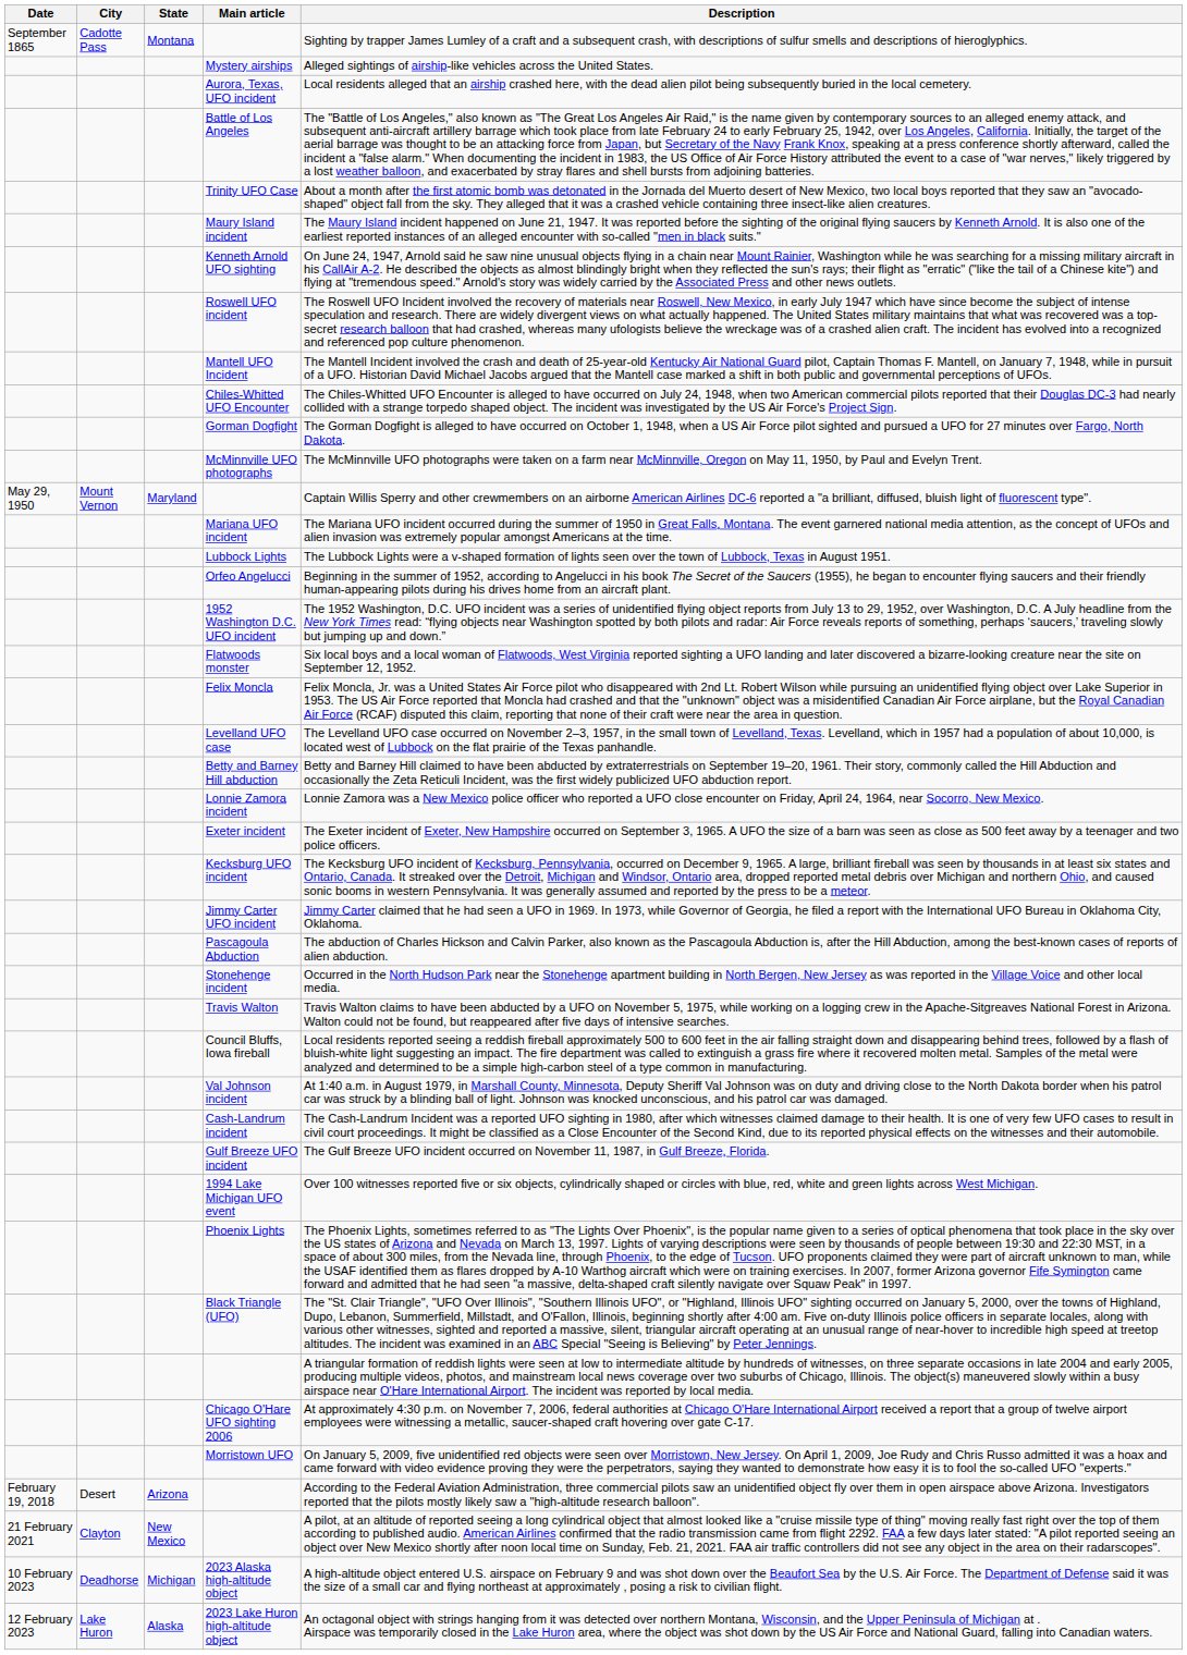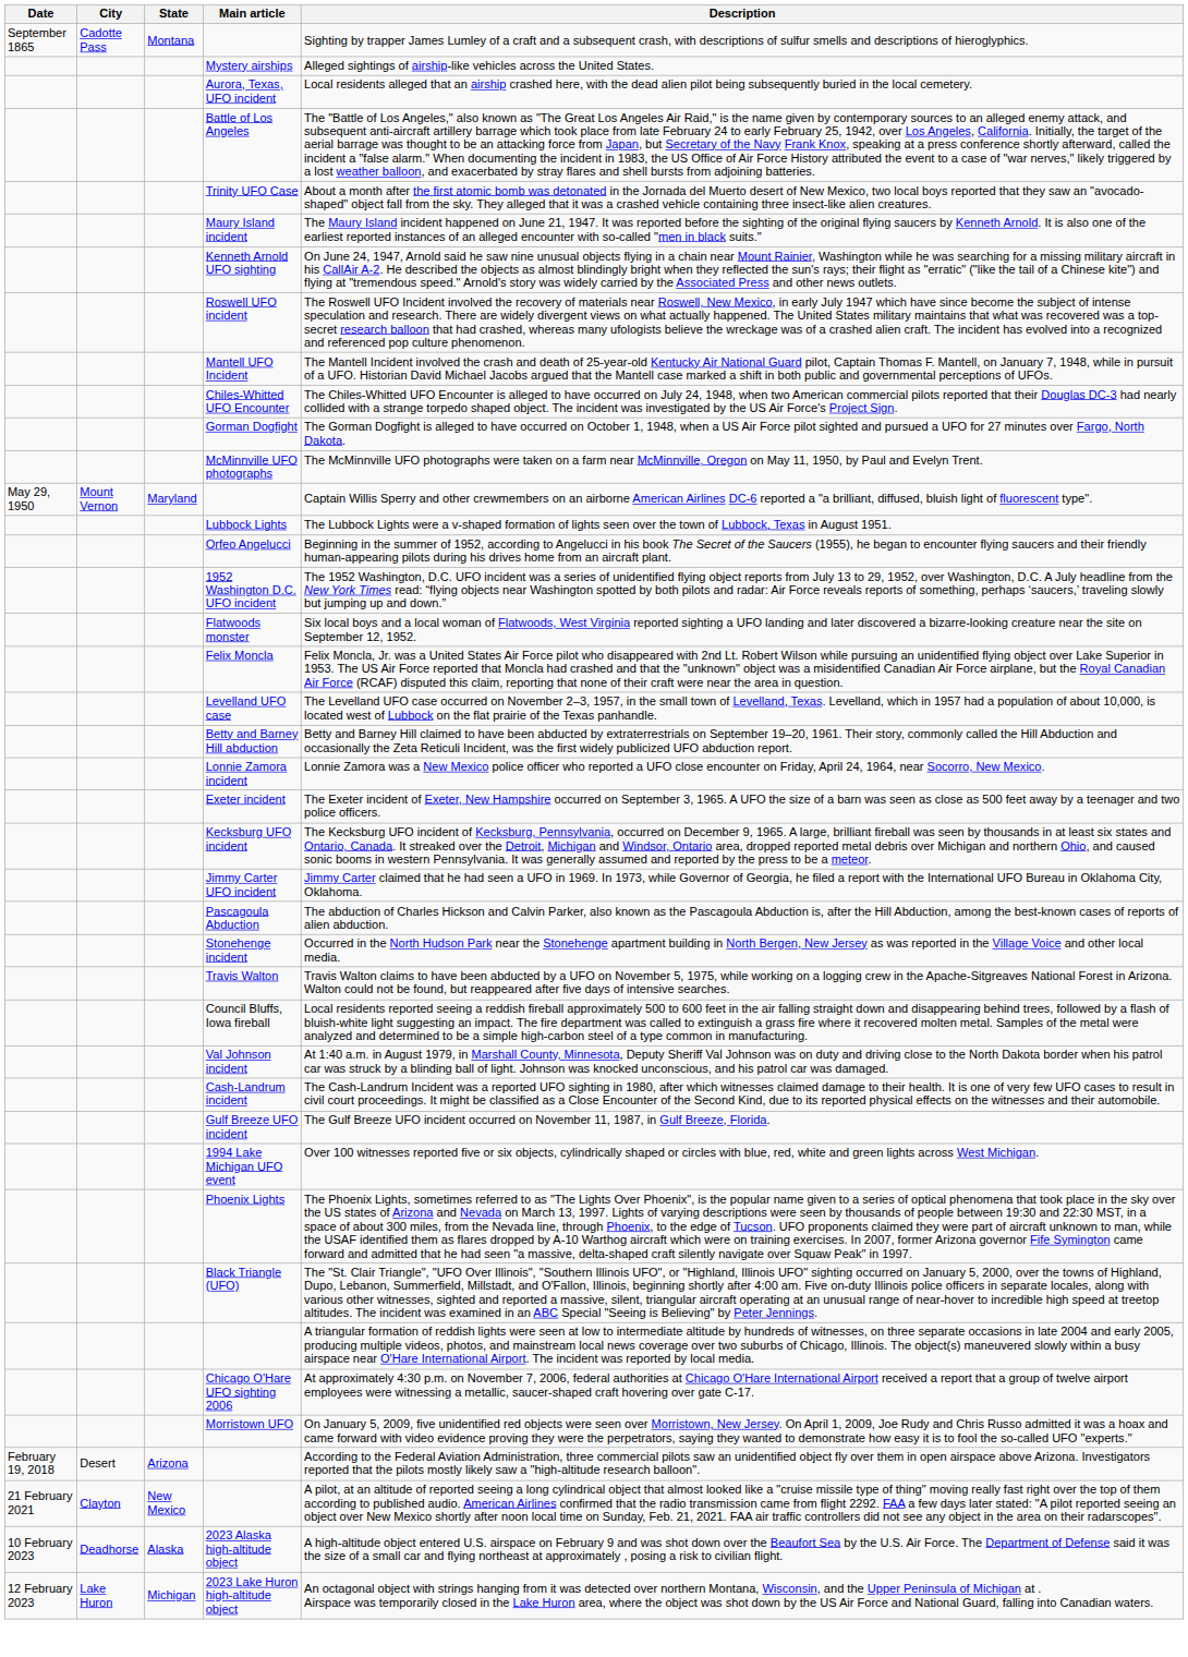 <table class="wikitable sortable">
 <tr>
 <th data-sort-type="date">Date</th>
 <th>City</th>
 <th>State</th>
 <th>Main article</th>
 <th class="unsortable">Description</th>
 </tr>
 <tr>
 <td>September 1865</td>
 <td><a href='#'>Cadotte Pass</a></td>
 <td><a href='#'>Montana</a></td>
 <td></td>
 <td>Sighting by trapper James Lumley of a craft and a subsequent crash, with descriptions of sulfur smells and descriptions of hieroglyphics.</td>
 </tr>
 <tr valign="top">
 <td></td>
 <td></td>
 <td></td>
 <td><a href='#'>Mystery airships</a></td>
 <td>Alleged sightings of <a href='#'>airship</a>-like vehicles across the United States.</td>
 </tr>
 <tr valign="top">
 <td></td>
 <td></td>
 <td></td>
 <td><a href='#'>Aurora, Texas, UFO incident</a></td>
 <td>Local residents alleged that an <a href='#'>airship</a> crashed here, with the dead alien pilot being subsequently buried in the local cemetery.</td>
 </tr>
 <tr valign="top">
 <td></td>
 <td></td>
 <td></td>
 <td><a href='#'>Battle of Los Angeles</a></td>
 <td>The "Battle of Los Angeles," also known as "The Great Los Angeles Air Raid," is the name given by contemporary sources to an alleged enemy attack, and subsequent anti-aircraft artillery barrage which took place from late February 24 to early February 25, 1942, over <a href='#'>Los Angeles</a>, <a href='#'>California</a>. Initially, the target of the aerial barrage was thought to be an attacking force from <a href='#'>Japan</a>, but <a href='#'>Secretary of the Navy</a> <a href='#'>Frank Knox</a>, speaking at a press conference shortly afterward, called the incident a "false alarm." When documenting the incident in 1983, the US Office of Air Force History attributed the event to a case of "war nerves," likely triggered by a lost <a href='#'>weather balloon</a>, and exacerbated by stray flares and shell bursts from adjoining batteries.</td>
 </tr>
 <tr valign="top">
 <td></td>
 <td></td>
 <td></td>
 <td><a href='#'>Trinity UFO Case</a></td>
 <td>About a month after <a href='#'>the first atomic bomb was detonated</a> in the Jornada del Muerto desert of New Mexico, two local boys reported that they saw an "avocado-shaped" object fall from the sky. They alleged that it was a crashed vehicle containing three insect-like alien creatures.</td>
 </tr>
 <tr valign="top">
 <td></td>
 <td></td>
 <td></td>
 <td><a href='#'>Maury Island incident</a></td>
 <td>The <a href='#'>Maury Island</a> incident happened on June 21, 1947. It was reported before the sighting of the original flying saucers by <a href='#'>Kenneth Arnold</a>. It is also one of the earliest reported instances of an alleged encounter with so-called "<a href='#'>men in black</a> suits."</td>
 </tr>
 <tr valign="top">
 <td></td>
 <td></td>
 <td></td>
 <td><a href='#'>Kenneth Arnold UFO sighting</a></td>
 <td>On June 24, 1947, Arnold said he saw nine unusual objects flying in a chain near <a href='#'>Mount Rainier</a>, Washington while he was searching for a missing military aircraft in his <a href='#'>CallAir A-2</a>. He described the objects as almost blindingly bright when they reflected the sun's rays; their flight as "erratic" ("like the tail of a Chinese kite") and flying at "tremendous speed." Arnold's story was widely carried by the <a href='#'>Associated Press</a> and other news outlets.</td>
 </tr>
 <tr valign="top">
 <td></td>
 <td></td>
 <td></td>
 <td><a href='#'>Roswell UFO incident</a></td>
 <td>The Roswell UFO Incident involved the recovery of materials near <a href='#'>Roswell, New Mexico</a>, in early July 1947 which have since become the subject of intense speculation and research. There are widely divergent views on what actually happened. The United States military maintains that what was recovered was a top-secret <a href='#'>research balloon</a> that had crashed, whereas many ufologists believe the wreckage was of a crashed alien craft. The incident has evolved into a recognized and referenced pop culture phenomenon.</td>
 </tr>
 <tr valign="top">
 <td></td>
 <td></td>
 <td></td>
 <td><a href='#'>Mantell UFO Incident</a></td>
 <td>The Mantell Incident involved the crash and death of 25-year-old <a href='#'>Kentucky Air National Guard</a> pilot, Captain Thomas F. Mantell, on January 7, 1948, while in pursuit of a UFO. Historian David Michael Jacobs argued that the Mantell case marked a shift in both public and governmental perceptions of UFOs.</td>
 </tr>
 <tr valign="top">
 <td></td>
 <td></td>
 <td></td>
 <td><a href='#'>Chiles-Whitted UFO Encounter</a></td>
 <td>The Chiles-Whitted UFO Encounter is alleged to have occurred on July 24, 1948, when two American commercial pilots reported that their <a href='#'>Douglas DC-3</a> had nearly collided with a strange torpedo shaped object. The incident was investigated by the US Air Force's <a href='#'>Project Sign</a>.</td>
 </tr>
 <tr valign="top">
 <td></td>
 <td></td>
 <td></td>
 <td><a href='#'>Gorman Dogfight</a></td>
 <td>The Gorman Dogfight is alleged to have occurred on October 1, 1948, when a US Air Force pilot sighted and pursued a UFO for 27 minutes over <a href='#'>Fargo, North Dakota</a>.</td>
 </tr>
 <tr valign="top">
 <td></td>
 <td></td>
 <td></td>
 <td><a href='#'>McMinnville UFO photographs</a></td>
 <td>The McMinnville UFO photographs were taken on a farm near <a href='#'>McMinnville, Oregon</a> on May 11, 1950, by Paul and Evelyn Trent.</td>
 </tr>
 <tr>
 <td>May 29, 1950</td>
 <td><a href='#'>Mount Vernon</a></td>
 <td><a href='#'>Maryland</a></td>
 <td></td>
 <td>Captain Willis Sperry and other crewmembers on an airborne <a href='#'>American Airlines</a> <a href='#'>DC-6</a> reported a "a brilliant, diffused, bluish light of <a href='#'>fluorescent</a> type".</td>
-</tr>
-<tr valign="top">
-<td></td>
-<td></td>
-<td></td>
-<td><a href='#'>Mariana UFO incident</a></td>
-<td>The Mariana UFO incident occurred during the summer of 1950 in <a href='#'>Great Falls, Montana</a>. The event garnered national media attention, as the concept of UFOs and alien invasion was extremely popular amongst Americans at the time.</td>
 </tr>
 <tr valign="top">
 <td></td>
 <td></td>
 <td></td>
 <td><a href='#'>Lubbock Lights</a></td>
 <td>The Lubbock Lights were a v-shaped formation of lights seen over the town of <a href='#'>Lubbock, Texas</a> in August 1951.</td>
 </tr>
 <tr valign="top">
 <td></td>
 <td></td>
 <td></td>
 <td><a href='#'>Orfeo Angelucci</a></td>
 <td>Beginning in the summer of 1952, according to Angelucci in his book <em>The Secret of the Saucers</em> (1955), he began to encounter flying saucers and their friendly human-appearing pilots during his drives home from an aircraft plant.</td>
 </tr>
 <tr valign="top">
 <td></td>
 <td></td>
 <td></td>
 <td><a href='#'>1952 Washington D.C. UFO incident</a></td>
 <td>The 1952 Washington, D.C. UFO incident was a series of unidentified flying object reports from July 13 to 29, 1952, over Washington, D.C. A July headline from the <em><a href='#'>New York Times</a></em> read: “flying objects near Washington spotted by both pilots and radar: Air Force reveals reports of something, perhaps ‘saucers,’ traveling slowly but jumping up and down.”</td>
 </tr>
 <tr valign="top">
 <td></td>
 <td></td>
 <td></td>
 <td><a href='#'>Flatwoods monster</a></td>
 <td>Six local boys and a local woman of <a href='#'>Flatwoods, West Virginia</a> reported sighting a UFO landing and later discovered a bizarre-looking creature near the site on September 12, 1952.</td>
 </tr>
 <tr valign="top">
 <td></td>
 <td></td>
 <td></td>
 <td><a href='#'>Felix Moncla</a></td>
 <td>Felix Moncla, Jr. was a United States Air Force pilot who disappeared with 2nd Lt. Robert Wilson while pursuing an unidentified flying object over Lake Superior in 1953.  The US Air Force reported that Moncla had crashed and that the "unknown" object was a misidentified Canadian Air Force airplane, but the <a href='#'>Royal Canadian Air Force</a> (RCAF) disputed this claim, reporting that none of their craft were near the area in question.</td>
 </tr>
 <tr valign="top">
 <td></td>
 <td></td>
 <td></td>
 <td><a href='#'>Levelland UFO case</a></td>
 <td>The Levelland UFO case occurred on November 2–3, 1957, in the small town of <a href='#'>Levelland, Texas</a>. Levelland, which in 1957 had a population of about 10,000, is located west of <a href='#'>Lubbock</a> on the flat prairie of the Texas panhandle.</td>
 </tr>
 <tr valign="top">
 <td></td>
 <td></td>
 <td></td>
 <td><a href='#'>Betty and Barney Hill abduction</a></td>
 <td>Betty and Barney Hill claimed to have been abducted by extraterrestrials on September 19–20, 1961. Their story, commonly called the Hill Abduction and occasionally the Zeta Reticuli Incident, was the first widely publicized UFO abduction report.</td>
 </tr>
 <tr valign="top">
 <td></td>
 <td></td>
 <td></td>
 <td><a href='#'>Lonnie Zamora incident</a></td>
 <td>Lonnie Zamora was a <a href='#'>New Mexico</a> police officer who reported a UFO close encounter on Friday, April 24, 1964, near <a href='#'>Socorro, New Mexico</a>.</td>
 </tr>
 <tr valign="top">
 <td></td>
 <td></td>
 <td></td>
 <td><a href='#'>Exeter incident</a></td>
 <td>The Exeter incident of <a href='#'>Exeter, New Hampshire</a> occurred on September 3, 1965. A UFO the size of a barn was seen as close as 500 feet away by a teenager and two police officers.</td>
 </tr>
 <tr valign="top">
 <td></td>
 <td></td>
 <td></td>
 <td><a href='#'>Kecksburg UFO incident</a></td>
 <td>The Kecksburg UFO incident of <a href='#'>Kecksburg, Pennsylvania</a>, occurred on December 9, 1965. A large, brilliant fireball was seen by thousands in at least six states and <a href='#'>Ontario, Canada</a>. It streaked over the <a href='#'>Detroit</a>, <a href='#'>Michigan</a> and <a href='#'>Windsor, Ontario</a> area, dropped reported metal debris over Michigan and northern <a href='#'>Ohio</a>, and caused sonic booms in western Pennsylvania. It was generally assumed and reported by the press to be a <a href='#'>meteor</a>.</td>
 </tr>
 <tr valign="top">
 <td></td>
 <td></td>
 <td></td>
 <td><a href='#'>Jimmy Carter UFO incident</a></td>
 <td><a href='#'>Jimmy Carter</a> claimed that he had seen a UFO in 1969. In 1973, while Governor of Georgia, he filed a report with the International UFO Bureau in Oklahoma City, Oklahoma.</td>
 </tr>
 <tr>
 <td></td>
 <td></td>
 <td></td>
 <td><a href='#'>Pascagoula Abduction</a></td>
 <td>The abduction of Charles Hickson and Calvin Parker, also known as the Pascagoula Abduction is, after the Hill Abduction, among the best-known cases of reports of alien abduction.</td>
 </tr>
 <tr valign="top">
 <td></td>
 <td></td>
 <td></td>
 <td><a href='#'>Stonehenge incident</a></td>
 <td>Occurred in the <a href='#'>North Hudson Park</a> near the <a href='#'>Stonehenge</a> apartment building in <a href='#'>North Bergen, New Jersey</a> as was reported in the <a href='#'>Village Voice</a> and other local media.</td>
 </tr>
 <tr valign="top">
 <td></td>
 <td></td>
 <td></td>
 <td><a href='#'>Travis Walton</a></td>
 <td>Travis Walton claims to have been abducted by a UFO on November 5, 1975, while working on a logging crew in the Apache-Sitgreaves National Forest in Arizona. Walton could not be found, but reappeared after five days of intensive searches.</td>
 </tr>
 <tr valign="top">
 <td></td>
 <td></td>
 <td></td>
 <td>Council Bluffs, Iowa fireball</td>
 <td>Local residents reported seeing a reddish fireball approximately 500 to 600 feet in the air falling straight down and disappearing behind trees, followed by a flash of bluish-white light suggesting an impact. The fire department was called to extinguish a grass fire where it recovered molten metal. Samples of the metal were analyzed and determined to be a simple high-carbon steel of a type common in manufacturing.</td>
 </tr>
 <tr valign="top">
 <td></td>
 <td></td>
 <td></td>
 <td><a href='#'>Val Johnson incident</a></td>
 <td>At 1:40 a.m. in August 1979, in <a href='#'>Marshall County, Minnesota</a>, Deputy Sheriff Val Johnson was on duty and driving close to the North Dakota border when his patrol car was struck by a blinding ball of light. Johnson was knocked unconscious, and his patrol car was damaged.</td>
 </tr>
 <tr valign="top">
 <td></td>
 <td></td>
 <td></td>
 <td><a href='#'>Cash-Landrum incident</a></td>
 <td>The Cash-Landrum Incident was a reported UFO sighting in 1980, after which witnesses claimed damage to their health. It is one of very few UFO cases to result in civil court proceedings. It might be classified as a Close Encounter of the Second Kind, due to its reported physical effects on the witnesses and their automobile.</td>
 </tr>
 <tr valign="top">
 <td></td>
 <td></td>
 <td></td>
 <td><a href='#'>Gulf Breeze UFO incident</a></td>
 <td>The Gulf Breeze UFO incident occurred on November 11, 1987, in <a href='#'>Gulf Breeze, Florida</a>.</td>
 </tr>
 <tr valign="top">
 <td></td>
 <td></td>
 <td></td>
 <td><a href='#'>1994 Lake Michigan UFO event</a></td>
 <td>Over 100 witnesses reported five or six objects, cylindrically shaped or circles with blue, red, white and green lights across <a href='#'>West Michigan</a>.</td>
 </tr>
 <tr valign="top">
 <td></td>
 <td></td>
 <td></td>
 <td><a href='#'>Phoenix Lights</a></td>
 <td>The Phoenix Lights, sometimes referred to as "The Lights Over Phoenix", is the popular name given to a series of optical phenomena that took place in the sky over the US states of <a href='#'>Arizona</a> and <a href='#'>Nevada</a> on March 13, 1997. Lights of varying descriptions were seen by thousands of people between 19:30 and 22:30 MST, in a space of about 300 miles, from the Nevada line, through <a href='#'>Phoenix</a>, to the edge of <a href='#'>Tucson</a>. UFO proponents claimed they were part of aircraft unknown to man, while the USAF identified them as flares dropped by A-10 Warthog aircraft which were on training exercises. In 2007, former Arizona governor <a href='#'>Fife Symington</a> came forward and admitted that he had seen "a massive, delta-shaped craft silently navigate over Squaw Peak" in 1997.</td>
 </tr>
 <tr valign="top">
 <td></td>
 <td></td>
 <td></td>
 <td><a href='#'>Black Triangle (UFO)</a></td>
 <td>The "St. Clair Triangle", "UFO Over Illinois", "Southern Illinois UFO", or "Highland, Illinois UFO" sighting occurred on January 5, 2000, over the towns of Highland, Dupo, Lebanon, Summerfield, Millstadt, and O'Fallon, Illinois, beginning shortly after 4:00 am. Five on-duty Illinois police officers in separate locales, along with various other witnesses, sighted and reported a massive, silent, triangular aircraft operating at an unusual range of near-hover to incredible high speed at treetop altitudes. The incident was examined in an <a href='#'>ABC</a> Special "Seeing is Believing" by <a href='#'>Peter Jennings</a>.</td>
 </tr>
 <tr valign="top">
 <td></td>
 <td></td>
 <td></td>
 <td></td>
 <td>A triangular formation of reddish lights were seen at low to intermediate altitude by hundreds of witnesses, on three separate occasions in late 2004 and early 2005, producing multiple videos, photos, and mainstream local news coverage over two suburbs of Chicago, Illinois. The object(s) maneuvered slowly within a busy airspace near <a href='#'>O'Hare International Airport</a>. The incident was reported by local media.</td>
 </tr>
 <tr valign="top">
 <td></td>
 <td></td>
 <td></td>
 <td><a href='#'>Chicago O'Hare UFO sighting 2006</a></td>
 <td>At approximately 4:30 p.m. on November 7, 2006, federal authorities at <a href='#'>Chicago O'Hare International Airport</a> received a report that a group of twelve airport employees were witnessing a metallic, saucer-shaped craft hovering over gate C-17.</td>
 </tr>
 <tr valign="top">
 <td></td>
 <td></td>
 <td></td>
 <td><a href='#'>Morristown UFO</a></td>
 <td>On January 5, 2009, five unidentified red objects were seen over <a href='#'>Morristown, New Jersey</a>. On April 1, 2009, Joe Rudy and Chris Russo admitted it was a hoax and came forward with video evidence proving they were the perpetrators, saying they wanted to demonstrate how easy it is to fool the so-called UFO "experts."</td>
 </tr>
 <tr>
 <td>February 19, 2018</td>
 <td>Desert</td>
 <td><a href='#'>Arizona</a></td>
 <td></td>
 <td>According to the Federal Aviation Administration, three commercial pilots saw an unidentified object fly over them in open airspace above Arizona. Investigators reported that the pilots mostly likely saw a "high-altitude research balloon".</td>
 </tr>
 <tr>
 <td>21 February 2021</td>
 <td><a href='#'>Clayton</a></td>
 <td><a href='#'>New Mexico</a></td>
 <td></td>
 <td>A pilot, at an altitude of  reported seeing a long cylindrical object that almost looked like a "cruise missile type of thing" moving really fast right over the top of them according to published audio. <a href='#'>American Airlines</a> confirmed that the radio transmission came from flight 2292. <a href='#'>FAA</a> a few days later stated: "A pilot reported seeing an object over New Mexico shortly after noon local time on Sunday, Feb. 21, 2021. FAA air traffic controllers did not see any object in the area on their radarscopes".</td>
 </tr>
 <tr>
 <td>10 February 2023</td>
 <td><a href='#'>Deadhorse</a></td>
-<td><a href='#'>Michigan</a></td>
+<td><a href='#'>Alaska</a></td>
 <td><a href='#'>2023 Alaska high-altitude object</a></td>
 <td>A high-altitude object entered U.S. airspace on February 9 and was shot down over the <a href='#'>Beaufort Sea</a> by the U.S. Air Force. The <a href='#'>Department of Defense</a> said it was the size of a small car and flying northeast at approximately , posing a risk to civilian flight.</td>
 </tr>
 <tr>
 <td>12 February 2023</td>
 <td><a href='#'>Lake Huron</a></td>
-<td><a href='#'>Alaska</a></td>
+<td><a href='#'>Michigan</a></td>
 <td><a href='#'>2023 Lake Huron high-altitude object</a></td>
 <td>An octagonal object with strings hanging from it was detected over northern Montana, <a href='#'>Wisconsin</a>, and the <a href='#'>Upper Peninsula of Michigan</a> at .<br>Airspace was temporarily closed in the <a href='#'>Lake Huron</a> area, where the object was shot down by the US Air Force and National Guard, falling into Canadian waters.</td>
 </tr>
 </table>
